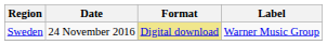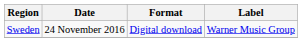 <table class=wikitable>
 <tr>
 <th>Region</th>
 <th>Date</th>
 <th>Format</th>
 <th>Label</th>
 </tr>
 <tr>
 <td><a href='#'>Sweden</a></td>
 <td>24 November 2016</td>
-<td style="background: khaki;"><a href='#'>Digital download</a></td>
+<td><a href='#'>Digital download</a></td>
 <td><a href='#'>Warner Music Group</a></td>
 </tr>
 <tr>
 </tr>
 </table>
